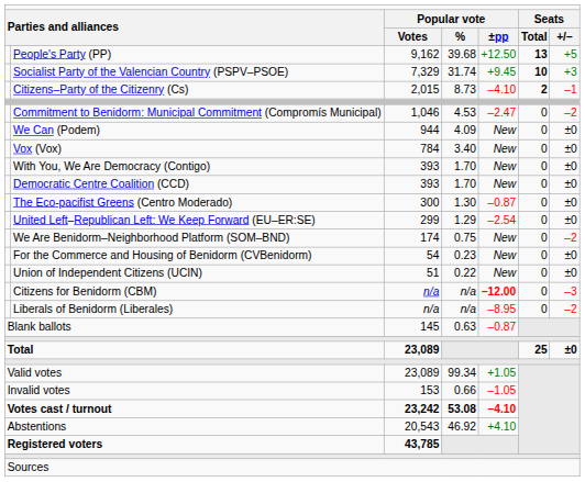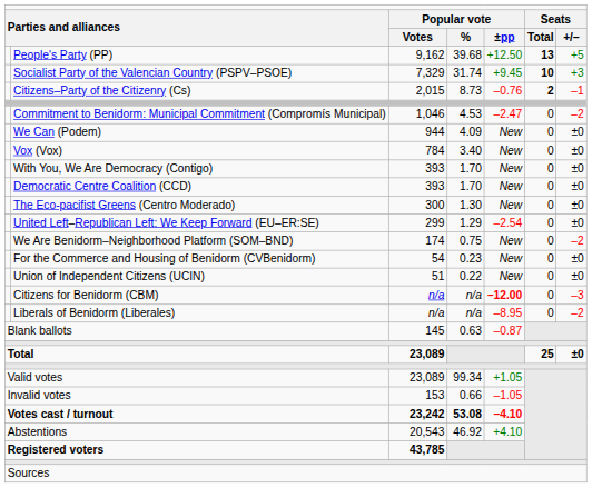 <table class="wikitable" style="text-align:right;">
 <tr>
 <td colspan="7"></td>
 </tr>
 <tr>
 <th style="text-align:left;" rowspan="2" colspan="2" width="525">Parties and alliances</th>
 <th colspan="3">Popular vote</th>
 <th colspan="2">Seats</th>
 </tr>
 <tr>
 <th width="75">Votes</th>
 <th width="45">%</th>
 <th width="45">±<a href='#'>pp</a></th>
 <th width="35">Total</th>
 <th width="35">+/−</th>
 </tr>
 <tr>
 <td width="1" style="color:inherit;background:"></td>
 <td align="left"><a href='#'>People's Party</a> (PP)</td>
 <td>9,162</td>
 <td>39.68</td>
 <td style="color:green;">+12.50</td>
 <td><strong>13</strong></td>
 <td style="color:green;">+5</td>
 </tr>
 <tr>
 <td style="color:inherit;background:"></td>
 <td align="left"><a href='#'>Socialist Party of the Valencian Country</a> (PSPV–PSOE)</td>
 <td>7,329</td>
 <td>31.74</td>
 <td style="color:green;">+9.45</td>
 <td><strong>10</strong></td>
 <td style="color:green;">+3</td>
 </tr>
 <tr>
 <td style="color:inherit;background:"></td>
 <td align="left"><a href='#'>Citizens–Party of the Citizenry</a> (Cs)</td>
 <td>2,015</td>
 <td>8.73</td>
-<td style="color:red;">–4.10</td>
+<td style="color:red;">–0.76</td>
 <td><strong>2</strong></td>
 <td style="color:red;">–1</td>
 </tr>
 <tr>
 <td colspan="7" bgcolor="#C0C0C0"></td>
 </tr>
 <tr>
 <td style="color:inherit;background:"></td>
 <td align="left"><a href='#'>Commitment to Benidorm: Municipal Commitment</a> (Compromís Municipal)</td>
 <td>1,046</td>
 <td>4.53</td>
 <td style="color:red;">–2.47</td>
 <td>0</td>
 <td style="color:red;">–2</td>
 </tr>
 <tr>
 <td style="color:inherit;background:"></td>
 <td align="left"><a href='#'>We Can</a> (Podem)</td>
 <td>944</td>
 <td>4.09</td>
 <td><em>New</em></td>
 <td>0</td>
 <td>±0</td>
 </tr>
 <tr>
 <td style="color:inherit;background:"></td>
 <td align="left"><a href='#'>Vox</a> (Vox)</td>
 <td>784</td>
 <td>3.40</td>
 <td><em>New</em></td>
 <td>0</td>
 <td>±0</td>
 </tr>
 <tr>
 <td style="color:inherit;background:"></td>
 <td align="left">With You, We Are Democracy (Contigo)</td>
 <td>393</td>
 <td>1.70</td>
 <td><em>New</em></td>
 <td>0</td>
 <td>±0</td>
 </tr>
 <tr>
 <td style="color:inherit;background:"></td>
 <td align="left"><a href='#'>Democratic Centre Coalition</a> (CCD)</td>
 <td>393</td>
 <td>1.70</td>
 <td><em>New</em></td>
 <td>0</td>
 <td>±0</td>
 </tr>
 <tr>
 <td style="color:inherit;background:"></td>
 <td align="left"><a href='#'>The Eco-pacifist Greens</a> (Centro Moderado)</td>
 <td>300</td>
 <td>1.30</td>
-<td style="color:red;">–0.87</td>
+<td><em>New</em></td>
 <td>0</td>
 <td>±0</td>
 </tr>
 <tr>
 <td style="color:inherit;background:"></td>
 <td align="left"><a href='#'>United Left</a>–<a href='#'>Republican Left: We Keep Forward</a> (EU–ER:SE)</td>
 <td>299</td>
 <td>1.29</td>
 <td style="color:red;">–2.54</td>
 <td>0</td>
 <td>±0</td>
 </tr>
 <tr>
 <td style="color:inherit;background:"></td>
 <td align="left">We Are Benidorm–Neighborhood Platform (SOM–BND)</td>
 <td>174</td>
 <td>0.75</td>
 <td><em>New</em></td>
 <td>0</td>
 <td style="color:red;">–2</td>
 </tr>
 <tr>
 <td style="color:inherit;background:"></td>
 <td align="left">For the Commerce and Housing of Benidorm (CVBenidorm)</td>
 <td>54</td>
 <td>0.23</td>
 <td><em>New</em></td>
 <td>0</td>
 <td>±0</td>
 </tr>
 <tr>
 <td style="color:inherit;background:"></td>
 <td align="left">Union of Independent Citizens (UCIN)</td>
 <td>51</td>
 <td>0.22</td>
 <td><em>New</em></td>
 <td>0</td>
 <td>±0</td>
 </tr>
 <tr>
 <td style="color:inherit;background:"></td>
 <td align="left">Citizens for Benidorm (CBM)</td>
 <td><em><a href='#'>n/a</a></em></td>
 <td><em>n/a</em></td>
 <td style="color:red;"><strong>–12.00</strong></td>
 <td>0</td>
 <td style="color:red;">–3</td>
 </tr>
 <tr>
 <td style="color:inherit;background:"></td>
 <td align="left">Liberals of Benidorm (Liberales)</td>
 <td><em>n/a</em></td>
 <td><em>n/a</em></td>
 <td style="color:red;">–8.95</td>
 <td>0</td>
 <td style="color:red;">–2</td>
 </tr>
 <tr>
 <td align="left" colspan="2">Blank ballots</td>
 <td>145</td>
 <td>0.63</td>
 <td style="color:red;">–0.87</td>
 <td bgcolor="#E9E9E9" colspan="2"></td>
 </tr>
 <tr>
 <td colspan="7" bgcolor="#E9E9E9"></td>
 </tr>
 <tr style="font-weight:bold;">
 <td align="left" colspan="2">Total</td>
 <td>23,089</td>
 <td bgcolor="#E9E9E9" colspan="2"></td>
 <td>25</td>
 <td>±0</td>
 </tr>
 <tr>
 <td colspan="7" bgcolor="#E9E9E9"></td>
 </tr>
 <tr>
 <td align="left" colspan="2">Valid votes</td>
 <td>23,089</td>
 <td>99.34</td>
 <td style="color:green;">+1.05</td>
 <td bgcolor="#E9E9E9" colspan="2" rowspan="5"></td>
 </tr>
 <tr>
 <td align="left" colspan="2">Invalid votes</td>
 <td>153</td>
 <td>0.66</td>
 <td style="color:red;">–1.05</td>
 </tr>
 <tr style="font-weight:bold;">
 <td align="left" colspan="2">Votes cast / turnout</td>
 <td>23,242</td>
 <td>53.08</td>
 <td style="color:red;">–4.10</td>
 </tr>
 <tr>
 <td align="left" colspan="2">Abstentions</td>
 <td>20,543</td>
 <td>46.92</td>
 <td style="color:green;">+4.10</td>
 </tr>
 <tr style="font-weight:bold;">
 <td align="left" colspan="2">Registered voters</td>
 <td>43,785</td>
 <td bgcolor="#E9E9E9" colspan="2"></td>
 </tr>
 <tr>
 <td colspan="7" bgcolor="#E9E9E9"></td>
 </tr>
 <tr>
 <td align="left" colspan="7">Sources</td>
 </tr>
 </table>
